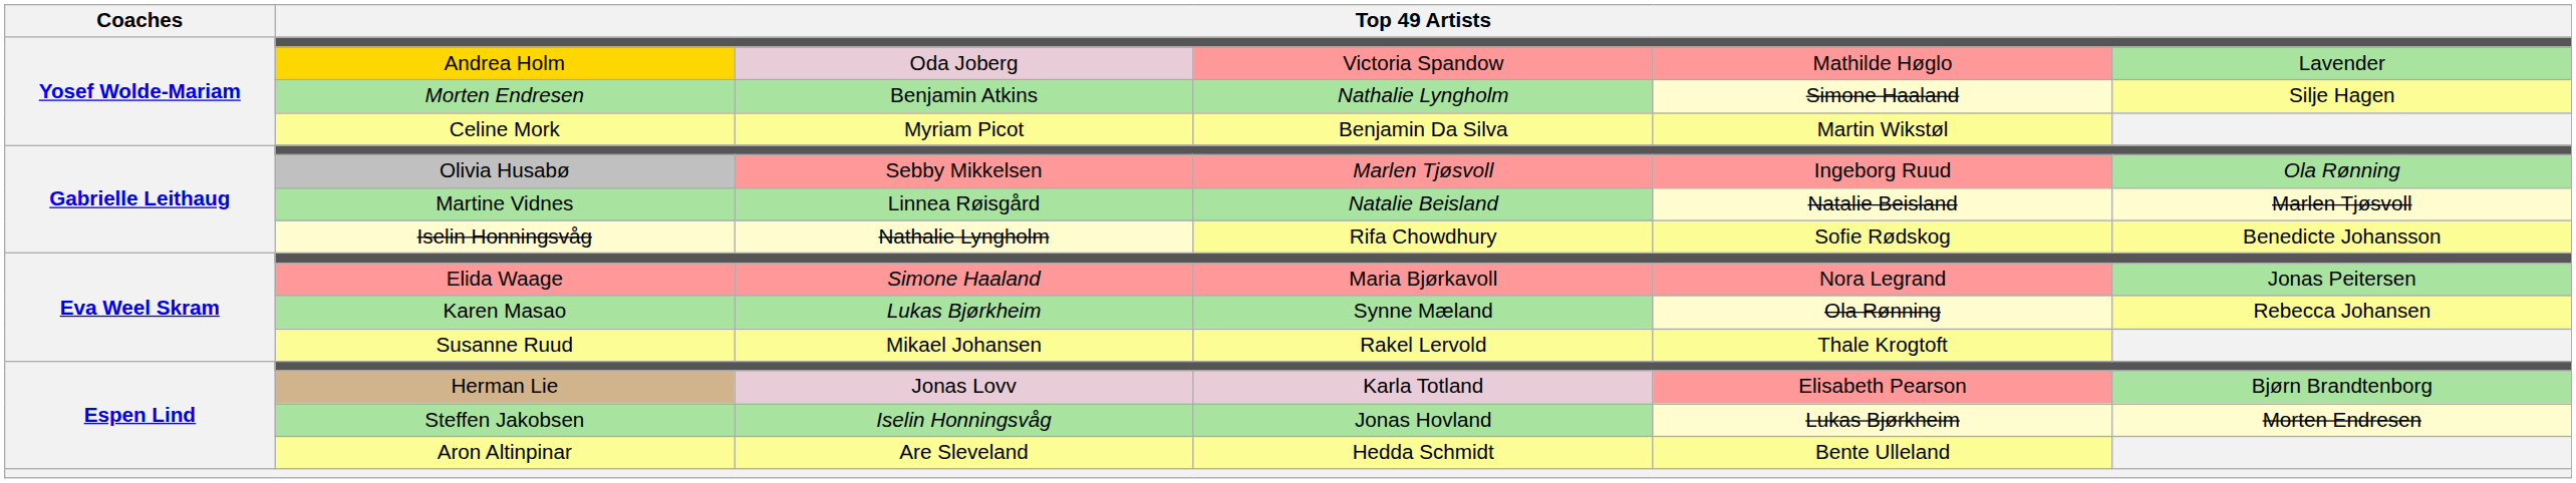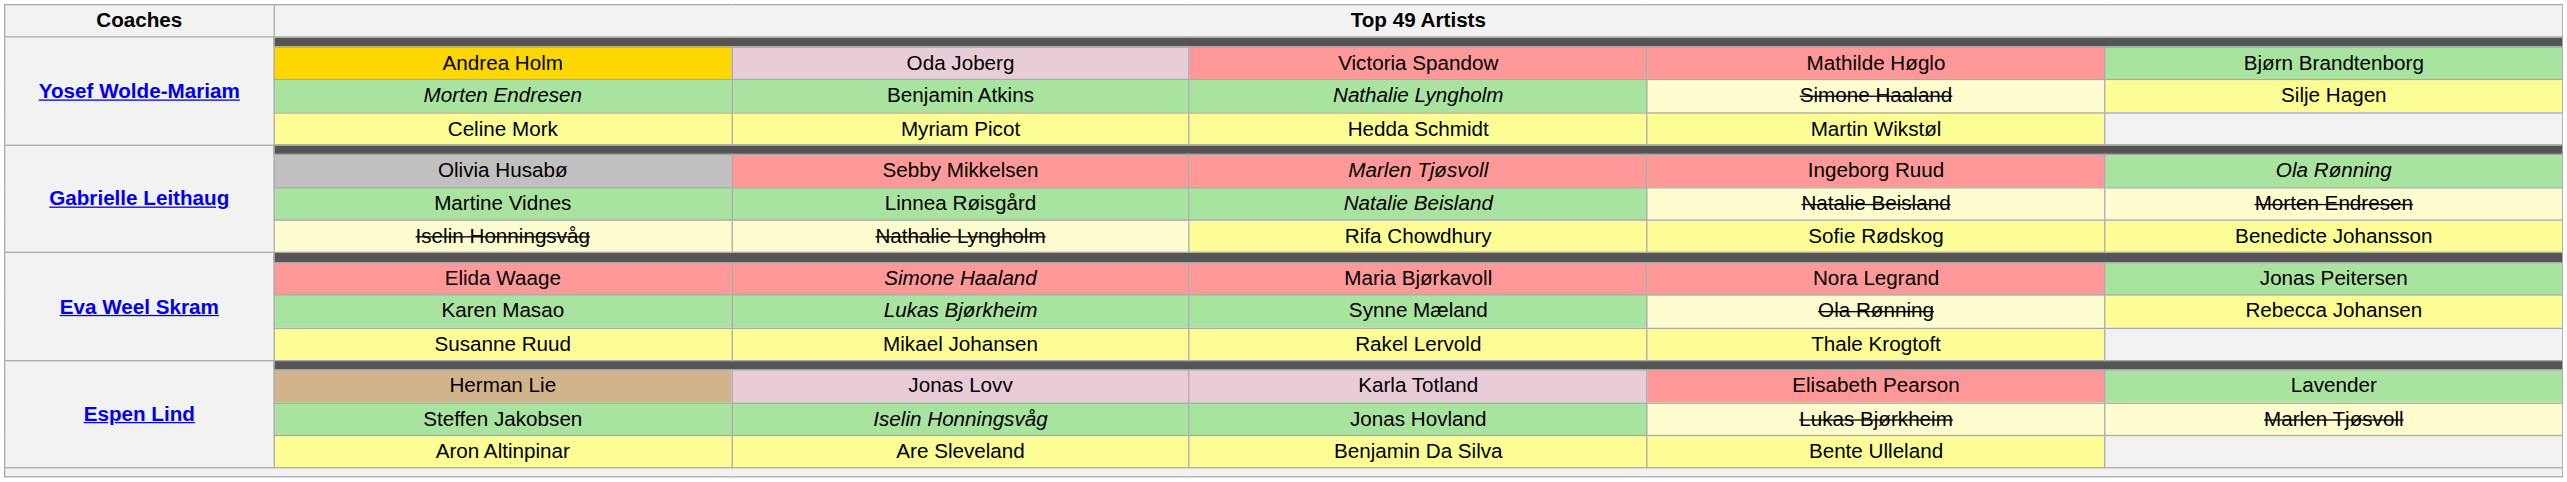 <table class="wikitable" style="text-align:center; width:100%">
 <tr>
 <th style="width:10%">Coaches</th>
 <th style="width:90%" colspan="5">Top 49 Artists</th>
 </tr>
 <tr>
 <th rowspan="4"><a href='#'>Yosef Wolde-Mariam</a></th>
 <td colspan="5" style="background:#555"></td>
 </tr>
 <tr>
 <td style="background:gold;">Andrea Holm</td>
 <td style="background:#e8ccd7;">Oda Joberg</td>
 <td style="background:#ff9999;">Victoria Spandow</td>
 <td style="background:#ff9999;">Mathilde Høglo</td>
-<td style="background:#A8E4A0;">Lavender</td>
+<td style="background:#A8E4A0;">Bjørn Brandtenborg</td>
 </tr>
 <tr>
 <td style="background:#A8E4A0;"><em>Morten Endresen</em></td>
 <td style="background:#A8E4A0;">Benjamin Atkins</td>
 <td style="background:#A8E4A0;"><em>Nathalie Lyngholm</em></td>
 <td style="background:#FFFDD0"><s>Simone Haaland</s></td>
 <td style="background:#FDFD96">Silje Hagen</td>
 </tr>
 <tr>
 <td style="background:#FDFD96">Celine Mork</td>
 <td style="background:#FDFD96">Myriam Picot</td>
-<td style="background:#FDFD96; width:17%">Benjamin Da Silva</td>
+<td style="background:#FDFD96">Hedda Schmidt</td>
 <td style="background:#FDFD96">Martin Wikstøl</td>
 <th></th>
 </tr>
 <tr>
 <th rowspan="4"><a href='#'>Gabrielle Leithaug</a></th>
 <td colspan="5" style="background:#555"></td>
 </tr>
 <tr>
 <td style="background:silver;">Olivia Husabø</td>
 <td style="background:#ff9999;">Sebby Mikkelsen</td>
 <td style="background:#ff9999;"><em>Marlen Tjøsvoll</em></td>
 <td style="background:#ff9999;">Ingeborg Ruud</td>
 <td style="background:#A8E4A0;"><em>Ola Rønning</em></td>
 </tr>
 <tr>
 <td style="background:#A8E4A0;">Martine Vidnes</td>
 <td style="background:#A8E4A0;">Linnea Røisgård</td>
 <td style="background:#A8E4A0; width:17%"><em>Natalie Beisland</em></td>
 <td style="background:#FFFDD0"><s>Natalie Beisland</s></td>
-<td style="background:#FFFDD0; width:17%"><s>Marlen Tjøsvoll</s></td>
+<td style="background:#FFFDD0"><s> Morten Endresen</s></td>
 </tr>
 <tr>
 <td style="background:#FFFDD0"><s>Iselin Honningsvåg</s></td>
 <td style="background:#FFFDD0"><s>Nathalie Lyngholm</s></td>
 <td style="background:#FDFD96">Rifa Chowdhury</td>
 <td style="background:#FDFD96">Sofie Rødskog</td>
 <td style="background:#FDFD96">Benedicte Johansson</td>
 </tr>
 <tr>
 <th rowspan="4"><a href='#'>Eva Weel Skram</a></th>
 <td colspan="5" style="background:#555"></td>
 </tr>
 <tr>
 <td style="background:#ff9999;">Elida Waage</td>
 <td style="background:#ff9999;"><em>Simone Haaland</em></td>
 <td style="background:#ff9999;">Maria Bjørkavoll</td>
 <td style="background:#ff9999;">Nora Legrand</td>
 <td style="background:#A8E4A0;">Jonas Peitersen</td>
 </tr>
 <tr>
 <td style="background:#A8E4A0;">Karen Masao</td>
 <td style="background:#A8E4A0;"><em>Lukas Bjørkheim</em></td>
 <td style="background:#A8E4A0;">Synne Mæland</td>
 <td style="background:#FFFDD0"><s>Ola Rønning</s></td>
 <td style="background:#FDFD96">Rebecca Johansen</td>
 </tr>
 <tr>
 <td style="background:#FDFD96">Susanne Ruud</td>
 <td style="background:#FDFD96">Mikael Johansen</td>
 <td style="background:#FDFD96">Rakel Lervold</td>
 <td style="background:#FDFD96">Thale Krogtoft</td>
 <th></th>
 </tr>
 <tr>
 <th rowspan="4"><a href='#'>Espen Lind</a></th>
 <td colspan="6" style="background:#555"></td>
 </tr>
 <tr>
 <td style="background: tan;">Herman Lie</td>
 <td style="background:#e8ccd7;">Jonas Lovv</td>
 <td style="background:#e8ccd7;">Karla Totland</td>
 <td style="background:#ff9999;">Elisabeth Pearson</td>
-<td style="background:#A8E4A0;">Bjørn Brandtenborg</td>
+<td style="background:#A8E4A0;">Lavender</td>
 </tr>
 <tr>
 <td style="background:#A8E4A0;">Steffen Jakobsen</td>
 <td style="background:#A8E4A0; width:17%"><em>Iselin Honningsvåg</em></td>
 <td style="background:#A8E4A0;">Jonas Hovland</td>
 <td style="background:#FFFDD0; width:17%"><s>Lukas Bjørkheim</s></td>
-<td style="background:#FFFDD0"><s> Morten Endresen</s></td>
+<td style="background:#FFFDD0; width:17%"><s>Marlen Tjøsvoll</s></td>
 </tr>
 <tr>
 <td style="background:#FDFD96; width:17%">Aron Altinpinar</td>
 <td style="background:#FDFD96; width:17%">Are Sleveland</td>
-<td style="background:#FDFD96">Hedda Schmidt</td>
+<td style="background:#FDFD96; width:17%">Benjamin Da Silva</td>
 <td style="background:#FDFD96; width:17%">Bente Ulleland</td>
 <th style="background:#; width:17%"></th>
 </tr>
 <tr>
 <th colspan="7" style="font-size:95%; line-height:14px"></th>
 </tr>
 </table>
